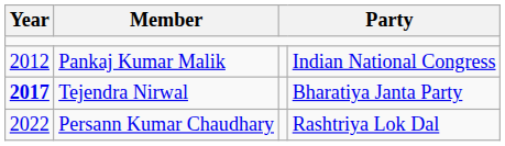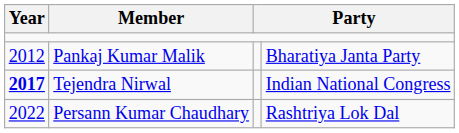 <table class="wikitable">
 <tr>
 <th>Year</th>
 <th>Member</th>
 <th colspan="2">Party</th>
 </tr>
 <tr>
 <td colspan="4"></td>
 </tr>
 <tr>
 <td><a href='#'>2012</a></td>
 <td><a href='#'>Pankaj Kumar Malik</a></td>
 <td style="background-color: "></td>
-<td><a href='#'>Indian National Congress</a></td>
+<td><a href='#'>Bharatiya Janta Party</a></td>
 </tr>
 <tr>
 <td><strong><a href='#'>2017</a></strong></td>
 <td><a href='#'>Tejendra Nirwal</a></td>
 <td style="background-color: "></td>
-<td><a href='#'>Bharatiya Janta Party</a></td>
+<td><a href='#'>Indian National Congress</a></td>
 </tr>
 <tr>
 <td><a href='#'>2022</a></td>
 <td><a href='#'>Persann Kumar Chaudhary</a></td>
 <td style="background-color: "></td>
 <td><a href='#'>Rashtriya Lok Dal</a></td>
 </tr>
 </table>
